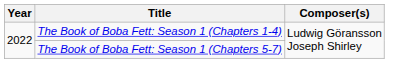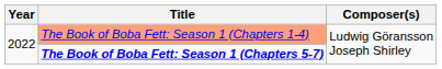 <table class="wikitable">
 <tr>
 <th>Year</th>
 <th>Title</th>
 <th>Composer(s)</th>
 </tr>
 <tr>
 <td rowspan="2">2022</td>
-<td><a href='#'><em>The Book of Boba Fett: Season 1 (Chapters 1-4)</em></a></td>
+<td style="background: lightsalmon;"><a href='#'><em>The Book of Boba Fett: Season 1 (Chapters 1-4)</em></a></td>
 <td rowspan="2">Ludwig Göransson<br>Joseph Shirley</td>
 </tr>
 <tr>
-<td><a href='#'><em>The Book of Boba Fett: Season 1 (Chapters 5-7)</em></a></td>
+<td><strong><a href='#'><em>The Book of Boba Fett: Season 1 (Chapters 5-7)</em></a></strong></td>
 </tr>
 </table>
